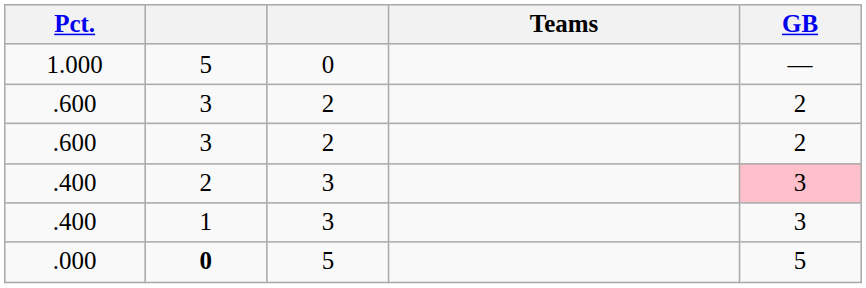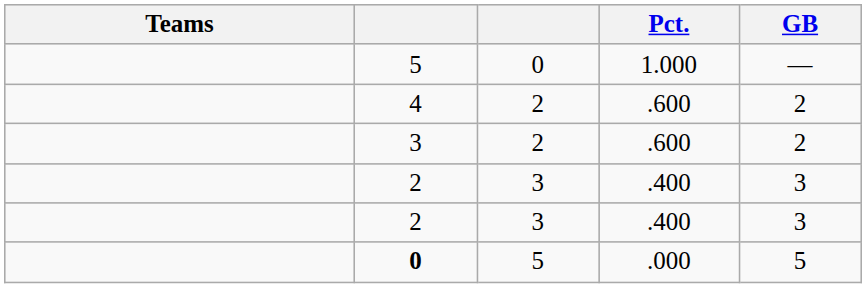 <table class="wikitable" width="550" style="text-align:center;">
 <tr>
-<th width="8%"><a href='#'>Pct.</a></th>
+<th width="20%">Teams</th>
 <th width="7%"></th>
 <th width="7%"></th>
-<th width="20%">Teams</th>
+<th width="8%"><a href='#'>Pct.</a></th>
 <th width="7%"><a href='#'>GB</a></th>
 </tr>
 <tr>
-<td>1.000</td>
+<td align=left></td>
 <td>5</td>
 <td>0</td>
-<td align=left></td>
+<td>1.000</td>
 <td>—</td>
 </tr>
 <tr>
+<td align=left></td>
+<td>4</td>
+<td>2</td>
 <td>.600</td>
-<td>3</td>
-<td>2</td>
-<td align=left></td>
 <td>2</td>
 </tr>
 <tr>
-<td>.600</td>
+<td align=left></td>
 <td>3</td>
 <td>2</td>
-<td align=left></td>
+<td>.600</td>
 <td>2</td>
 </tr>
 <tr>
-<td>.400</td>
+<td align=left></td>
 <td>2</td>
 <td>3</td>
-<td align=left></td>
-<td style="background: pink;">3</td>
-</tr>
-<tr>
 <td>.400</td>
-<td>1</td>
-<td>3</td>
-<td align=left></td>
 <td>3</td>
 </tr>
 <tr>
-<td>.000</td>
+<td align=left></td>
+<td>2</td>
+<td>3</td>
+<td>.400</td>
+<td>3</td>
+</tr>
+<tr>
+<td align=left></td>
 <td><strong>0</strong></td>
 <td>5</td>
-<td align=left></td>
+<td>.000</td>
 <td>5</td>
 </tr>
 </table>
